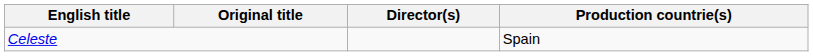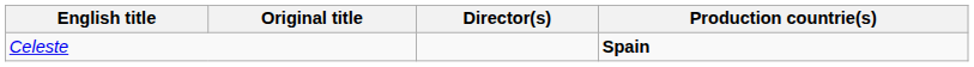 <table class="sortable wikitable" style="width:100%; margin-bottom:4px" cellpadding="5">
 <tr>
 <th scope="col">English title</th>
 <th scope="col">Original title</th>
 <th scope="col">Director(s)</th>
 <th scope="col">Production countrie(s)</th>
 </tr>
 <tr>
 <td colspan = "2"><em><a href='#'>Celeste</a></em> </td>
 <td></td>
-<td>Spain</td>
+<td><strong>Spain</strong></td>
 </tr>
 </table>
